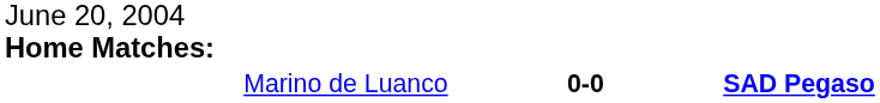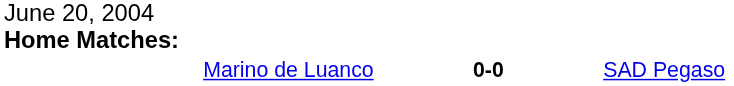 <table width=100% cellspacing=1>
 <tr>
 <th width=20%></th>
 <th width=12%></th>
 <th width=20%></th>
 <th></th>
 </tr>
 <tr>
 <td>June 20, 2004<br><strong>Home Matches:</strong></td>
 </tr>
 <tr style=font-size:90%>
 <td align=right><a href='#'>Marino de Luanco</a></td>
 <td align=center><strong>0-0</strong></td>
-<td><strong><a href='#'>SAD Pegaso</a></strong></td>
+<td><a href='#'>SAD Pegaso</a></td>
 </tr>
 </table>
